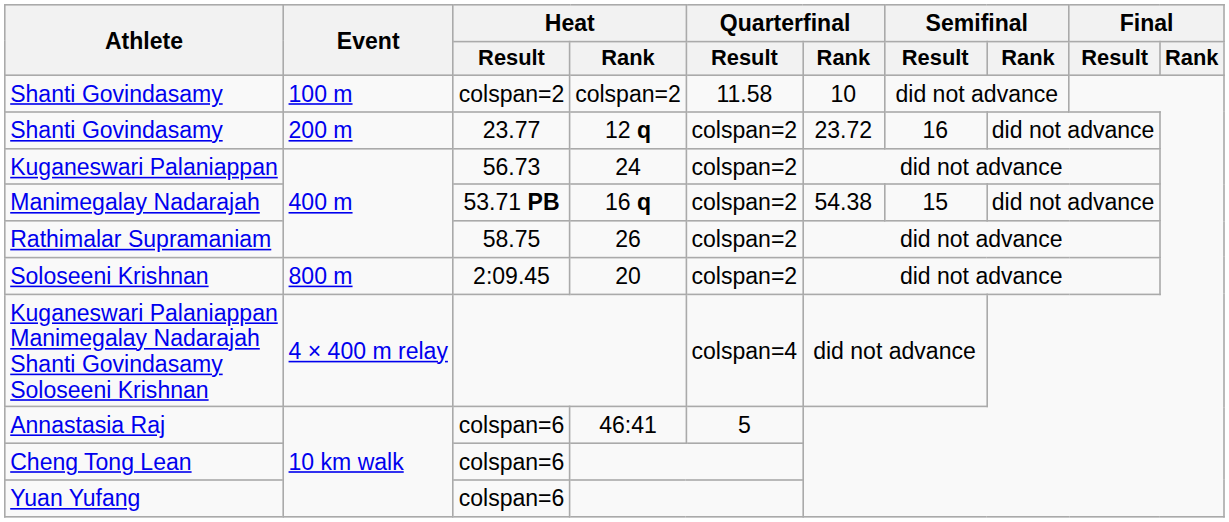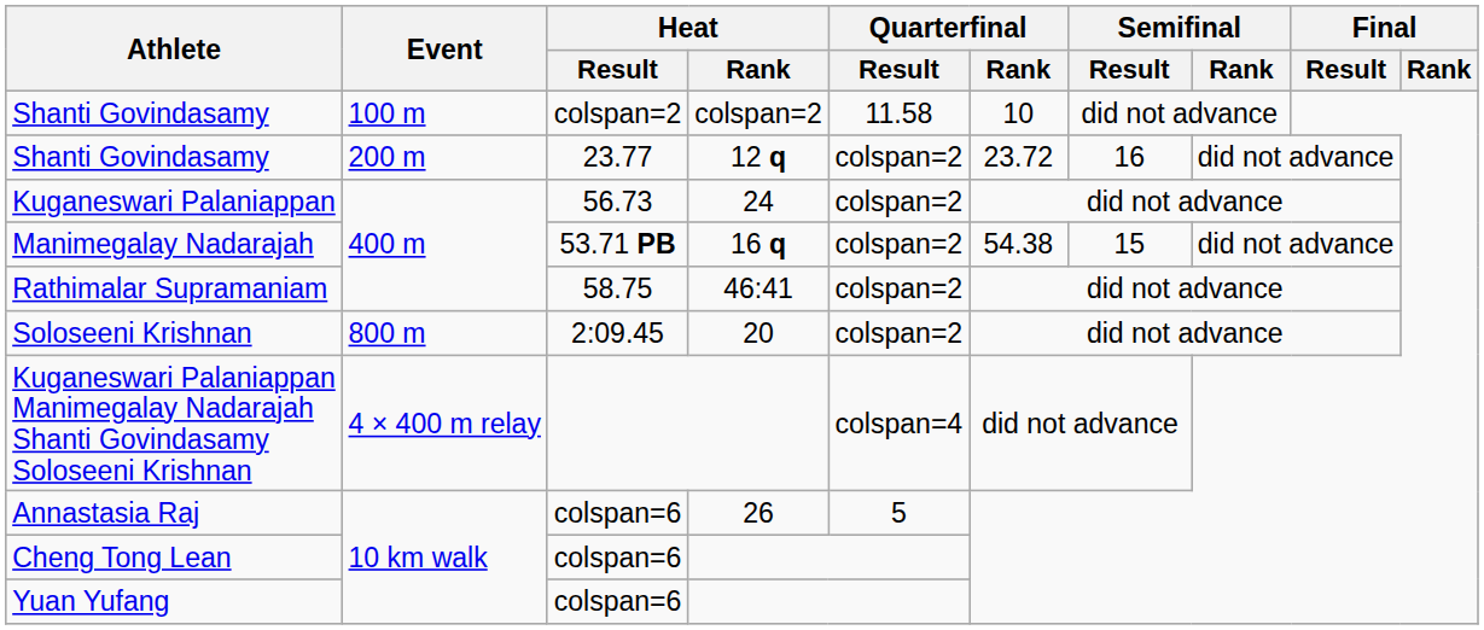 <table class="wikitable" style="font-size:90%">
 <tr>
 <th rowspan="2">Athlete</th>
 <th rowspan="2">Event</th>
 <th colspan="2">Heat</th>
 <th colspan="2">Quarterfinal</th>
 <th colspan="2">Semifinal</th>
 <th colspan="2">Final</th>
 </tr>
 <tr style="font-size:95%">
 <th>Result</th>
 <th>Rank</th>
 <th>Result</th>
 <th>Rank</th>
 <th>Result</th>
 <th>Rank</th>
 <th>Result</th>
 <th>Rank</th>
 </tr>
 <tr align=center>
 <td align=left><a href='#'>Shanti Govindasamy</a></td>
 <td align=left><a href='#'>100 m</a></td>
 <td>colspan=2 </td>
 <td>colspan=2 </td>
 <td>11.58</td>
 <td>10</td>
 <td colspan=2>did not advance</td>
 </tr>
 <tr align=center>
 <td align=left><a href='#'>Shanti Govindasamy</a></td>
 <td align=left><a href='#'>200 m</a></td>
 <td>23.77</td>
 <td>12 <strong>q</strong></td>
 <td>colspan=2 </td>
 <td>23.72</td>
 <td>16</td>
 <td colspan=2>did not advance</td>
 </tr>
 <tr align=center>
 <td align=left><a href='#'>Kuganeswari Palaniappan</a></td>
 <td align=left rowspan=3><a href='#'>400 m</a></td>
 <td>56.73</td>
 <td>24</td>
 <td>colspan=2 </td>
 <td colspan=4>did not advance</td>
 </tr>
 <tr align=center>
 <td align=left><a href='#'>Manimegalay Nadarajah</a></td>
 <td>53.71 <strong>PB</strong></td>
 <td>16 <strong>q</strong></td>
 <td>colspan=2 </td>
 <td>54.38</td>
 <td>15</td>
 <td colspan=2>did not advance</td>
 </tr>
 <tr align=center>
 <td align=left><a href='#'>Rathimalar Supramaniam</a></td>
 <td>58.75</td>
-<td>26</td>
+<td>46:41</td>
 <td>colspan=2 </td>
 <td colspan=4>did not advance</td>
 </tr>
 <tr align=center>
 <td align=left><a href='#'>Soloseeni Krishnan</a></td>
 <td align=left><a href='#'>800 m</a></td>
 <td>2:09.45</td>
 <td>20</td>
 <td>colspan=2 </td>
 <td colspan=4>did not advance</td>
 </tr>
 <tr align=center>
 <td align=left><a href='#'>Kuganeswari Palaniappan</a><br><a href='#'>Manimegalay Nadarajah</a><br><a href='#'>Shanti Govindasamy</a><br><a href='#'>Soloseeni Krishnan</a></td>
 <td align=left><a href='#'>4 × 400 m relay</a></td>
 <td colspan=2></td>
 <td>colspan=4 </td>
 <td colspan=2>did not advance</td>
 </tr>
 <tr align=center>
 <td align=left><a href='#'>Annastasia Raj</a></td>
 <td align=left rowspan=3><a href='#'>10 km walk</a></td>
 <td>colspan=6 </td>
-<td>46:41</td>
+<td>26</td>
 <td>5</td>
 </tr>
 <tr align=center>
 <td align=left><a href='#'>Cheng Tong Lean</a></td>
 <td>colspan=6 </td>
 <td colspan=2></td>
 </tr>
 <tr align=center>
 <td align=left><a href='#'>Yuan Yufang</a></td>
 <td>colspan=6 </td>
 <td colspan=2></td>
 </tr>
 </table>
